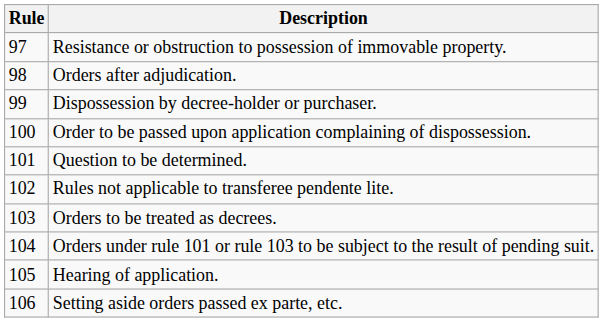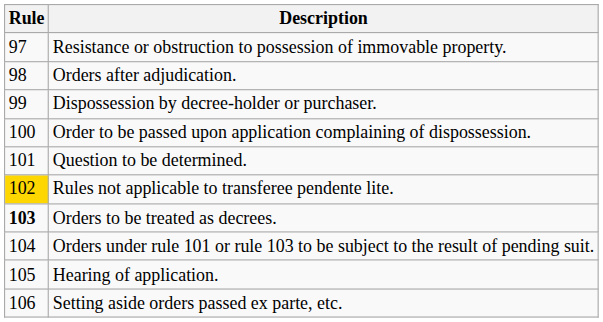 <table class="wikitable">
 <tr>
 <th>Rule</th>
 <th>Description</th>
 </tr>
 <tr>
 <td>97</td>
 <td>Resistance or obstruction to possession of immovable property.</td>
 </tr>
 <tr>
 <td>98</td>
 <td>Orders after adjudication.</td>
 </tr>
 <tr>
 <td>99</td>
 <td>Dispossession by decree-holder or purchaser.</td>
 </tr>
 <tr>
 <td>100</td>
 <td>Order to be passed upon application complaining of dispossession.</td>
 </tr>
 <tr>
 <td>101</td>
 <td>Question to be determined.</td>
 </tr>
 <tr>
-<td>102</td>
+<td style="background: gold;">102</td>
 <td>Rules not applicable to transferee pendente lite.</td>
 </tr>
 <tr>
-<td>103</td>
+<td><strong>103</strong></td>
 <td>Orders to be treated as decrees.</td>
 </tr>
 <tr>
 <td>104</td>
 <td>Orders under rule 101 or rule 103 to be subject to the result of pending suit.</td>
 </tr>
 <tr>
 <td>105</td>
 <td>Hearing of application.</td>
 </tr>
 <tr>
 <td>106</td>
 <td>Setting aside orders passed ex parte, etc.</td>
 </tr>
 </table>
